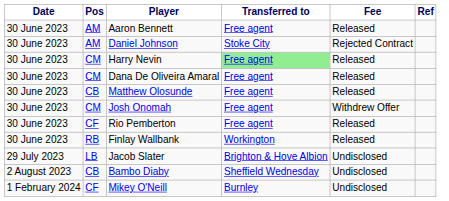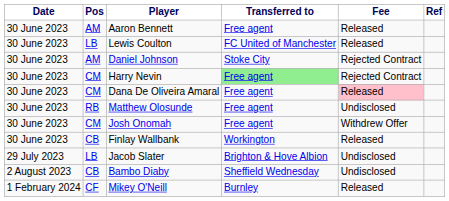 <table class="wikitable plainrowheaders sortable">
 <tr>
 <th style="background:#ffffff;color:#00005a; ">Date</th>
 <th style="background:#ffffff;color:#00005a; ">Pos</th>
 <th style="background:#ffffff;color:#00005a; ">Player</th>
 <th style="background:#ffffff;color:#00005a; ">Transferred to</th>
 <th style="background:#ffffff;color:#00005a; ">Fee</th>
 <th style="background:#ffffff;color:#00005a; ">Ref</th>
 </tr>
 <tr>
 <td>30 June 2023</td>
 <td><a href='#'>AM</a></td>
 <td> Aaron Bennett</td>
 <td> <a href='#'>Free agent</a></td>
 <td>Released</td>
 <td></td>
 </tr>
 <tr>
 <td>30 June 2023</td>
+<td><a href='#'>LB</a></td>
+<td> Lewis Coulton</td>
+<td> <a href='#'>FC United of Manchester</a></td>
+<td>Released</td>
+<td></td>
+</tr>
+<tr>
+<td>30 June 2023</td>
 <td><a href='#'>AM</a></td>
 <td> <a href='#'>Daniel Johnson</a></td>
 <td> <a href='#'>Stoke City</a></td>
 <td>Rejected Contract</td>
 <td></td>
 </tr>
 <tr>
 <td>30 June 2023</td>
 <td><a href='#'>CM</a></td>
 <td> Harry Nevin</td>
 <td style="background: lightgreen;"> <a href='#'>Free agent</a></td>
-<td>Released</td>
+<td>Rejected Contract</td>
 <td></td>
 </tr>
 <tr>
 <td>30 June 2023</td>
 <td><a href='#'>CM</a></td>
 <td> Dana De Oliveira Amaral</td>
 <td> <a href='#'>Free agent</a></td>
-<td>Released</td>
+<td style="background: pink;">Released</td>
 <td></td>
 </tr>
 <tr>
 <td>30 June 2023</td>
-<td><a href='#'>CB</a></td>
+<td><a href='#'>RB</a></td>
 <td> <a href='#'>Matthew Olosunde</a></td>
 <td> <a href='#'>Free agent</a></td>
-<td>Released</td>
+<td>Undisclosed</td>
 <td></td>
 </tr>
 <tr>
 <td>30 June 2023</td>
 <td><a href='#'>CM</a></td>
 <td> <a href='#'>Josh Onomah</a></td>
 <td> <a href='#'>Free agent</a></td>
 <td>Withdrew Offer</td>
 <td></td>
 </tr>
 <tr>
 <td>30 June 2023</td>
-<td><a href='#'>CF</a></td>
-<td> Rio Pemberton</td>
-<td> <a href='#'>Free agent</a></td>
-<td>Released</td>
-<td></td>
-</tr>
-<tr>
-<td>30 June 2023</td>
-<td><a href='#'>RB</a></td>
+<td><a href='#'>CB</a></td>
 <td> Finlay Wallbank</td>
 <td> <a href='#'>Workington</a></td>
 <td>Released</td>
 <td></td>
 </tr>
 <tr>
 <td>29 July 2023</td>
 <td><a href='#'>LB</a></td>
 <td> Jacob Slater</td>
 <td> <a href='#'>Brighton & Hove Albion</a></td>
 <td>Undisclosed</td>
 <td></td>
 </tr>
 <tr>
 <td>2 August 2023</td>
 <td><a href='#'>CB</a></td>
 <td> <a href='#'>Bambo Diaby</a></td>
 <td> <a href='#'>Sheffield Wednesday</a></td>
 <td>Undisclosed</td>
 <td></td>
 </tr>
 <tr>
 <td>1 February 2024</td>
 <td><a href='#'>CF</a></td>
 <td> <a href='#'>Mikey O'Neill</a></td>
 <td> <a href='#'>Burnley</a></td>
-<td>Undisclosed</td>
+<td>Released</td>
 <td></td>
 </tr>
 </table>
